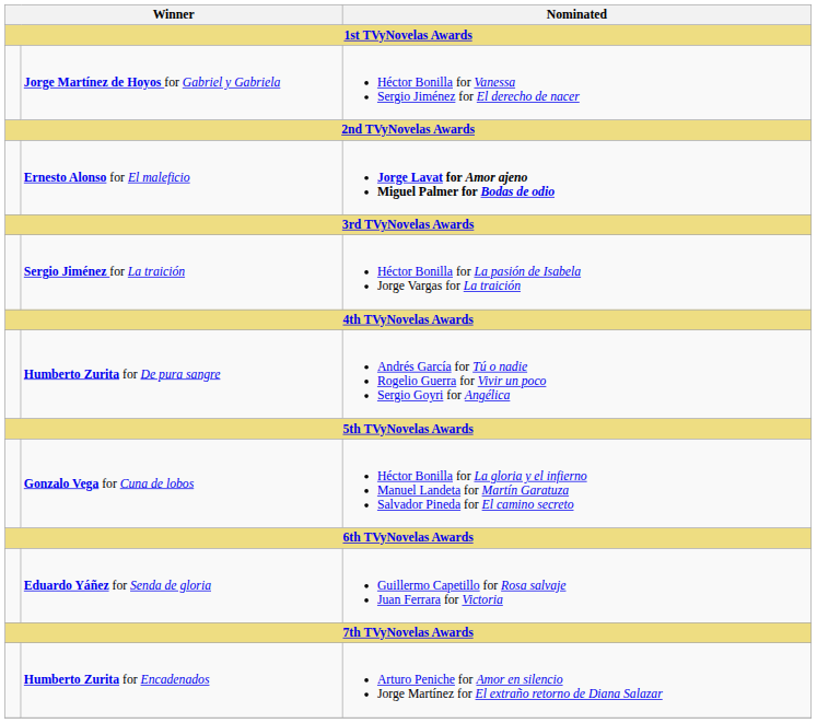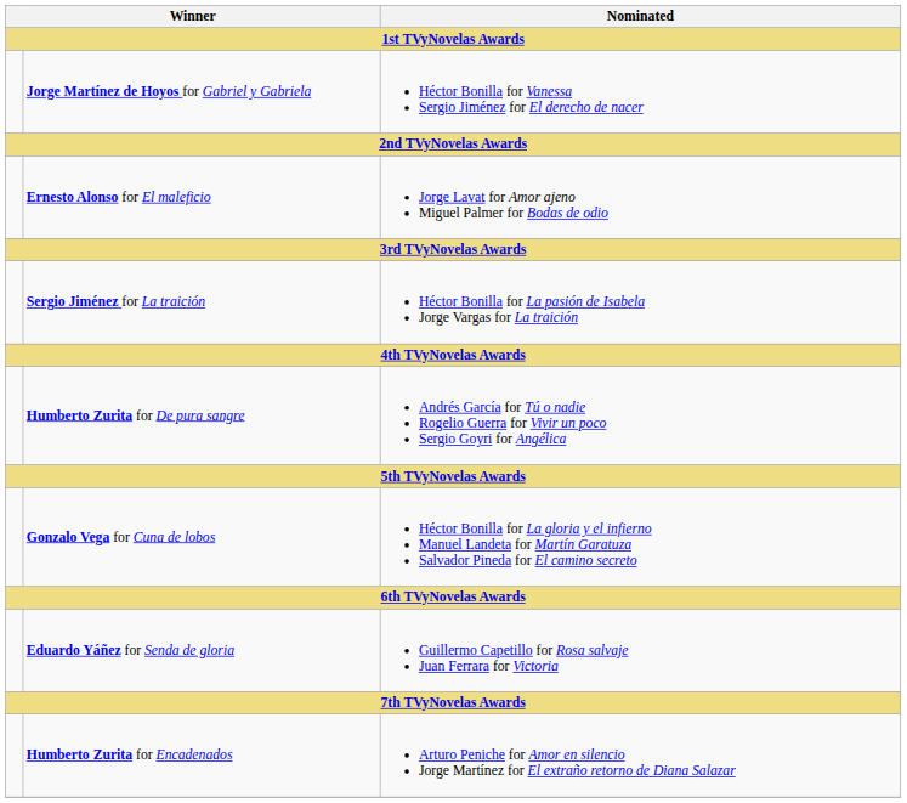 <table class="wikitable" width=80%>
 <tr align=center>
 <th width="150px;" colspan=2; align="center">Winner</th>
 <th width="580px;" align="center">Nominated</th>
 </tr>
 <tr>
 <th colspan=9 style="background:#EEDD82;"  align="center"><strong><a href='#'>1st TVyNovelas Awards</a></strong></th>
 </tr>
 <tr>
 <td width=2%></td>
 <td><strong><a href='#'>Jorge Martínez de Hoyos </a></strong> for <em><a href='#'>Gabriel y Gabriela</a></em></td>
 <td><br><ul><li><a href='#'>Héctor Bonilla</a> for <em><a href='#'>Vanessa</a></em></li><li><a href='#'>Sergio Jiménez</a> for <em><a href='#'>El derecho de nacer</a></em></li></ul></td>
 </tr>
 <tr>
 <th colspan=9 style="background:#EEDD82;"  align="center"><strong><a href='#'>2nd TVyNovelas Awards</a></strong></th>
 </tr>
 <tr>
 <td width=2%></td>
 <td><strong><a href='#'>Ernesto Alonso</a></strong> for <em><a href='#'>El maleficio</a></em></td>
-<td><strong><br><ul><li><a href='#'>Jorge Lavat</a> for <em>Amor ajeno</em></li><li>Miguel Palmer for <em><a href='#'>Bodas de odio</a></em></li></ul></strong></td>
+<td><br><ul><li><a href='#'>Jorge Lavat</a> for <em>Amor ajeno</em></li><li>Miguel Palmer for <em><a href='#'>Bodas de odio</a></em></li></ul></td>
 </tr>
 <tr>
 <th colspan=9 style="background:#EEDD82;"  align="center"><strong><a href='#'>3rd TVyNovelas Awards</a></strong></th>
 </tr>
 <tr>
 <td width=2%></td>
 <td><strong><a href='#'>Sergio Jiménez </a></strong> for <em><a href='#'>La traición</a></em></td>
 <td><br><ul><li><a href='#'>Héctor Bonilla</a> for <em><a href='#'>La pasión de Isabela</a></em></li><li>Jorge Vargas for <em><a href='#'>La traición</a></em></li></ul></td>
 </tr>
 <tr>
 <th colspan=9 style="background:#EEDD82;"  align="center"><strong><a href='#'>4th TVyNovelas Awards</a></strong></th>
 </tr>
 <tr>
 <td width=2%></td>
 <td><strong><a href='#'>Humberto Zurita</a></strong> for <em><a href='#'>De pura sangre</a></em></td>
 <td><br><ul><li><a href='#'>Andrés García</a> for <em><a href='#'>Tú o nadie</a></em></li><li><a href='#'>Rogelio Guerra</a> for <em><a href='#'>Vivir un poco</a></em></li><li><a href='#'>Sergio Goyri</a> for <em><a href='#'>Angélica</a></em></li></ul></td>
 </tr>
 <tr>
 <th colspan=9 style="background:#EEDD82;"  align="center"><strong><a href='#'>5th TVyNovelas Awards</a></strong></th>
 </tr>
 <tr>
 <td width=2%></td>
 <td><strong><a href='#'>Gonzalo Vega</a></strong> for <em><a href='#'>Cuna de lobos</a></em></td>
 <td><br><ul><li><a href='#'>Héctor Bonilla</a> for <em><a href='#'>La gloria y el infierno</a></em></li><li><a href='#'>Manuel Landeta</a> for <em><a href='#'>Martín Garatuza</a></em></li><li><a href='#'>Salvador Pineda</a> for <em><a href='#'>El camino secreto</a></em></li></ul></td>
 </tr>
 <tr>
 <th colspan=9 style="background:#EEDD82;"  align="center"><strong><a href='#'>6th TVyNovelas Awards</a></strong></th>
 </tr>
 <tr>
 <td width=2%></td>
 <td><strong><a href='#'>Eduardo Yáñez</a></strong> for <em><a href='#'>Senda de gloria</a></em></td>
 <td><br><ul><li><a href='#'>Guillermo Capetillo</a> for <em><a href='#'>Rosa salvaje</a></em></li><li><a href='#'>Juan Ferrara</a> for <em><a href='#'>Victoria</a></em></li></ul></td>
 </tr>
 <tr>
 <th colspan=9 style="background:#EEDD82;"  align="center"><strong><a href='#'>7th TVyNovelas Awards</a></strong></th>
 </tr>
 <tr>
 <td width=2%></td>
 <td><strong><a href='#'>Humberto Zurita</a></strong> for <em><a href='#'>Encadenados</a></em></td>
 <td><br><ul><li><a href='#'>Arturo Peniche</a> for <em><a href='#'>Amor en silencio</a></em></li><li>Jorge Martínez for <em><a href='#'>El extraño retorno de Diana Salazar</a></em></li></ul></td>
 </tr>
 <tr>
 </tr>
 </table>
